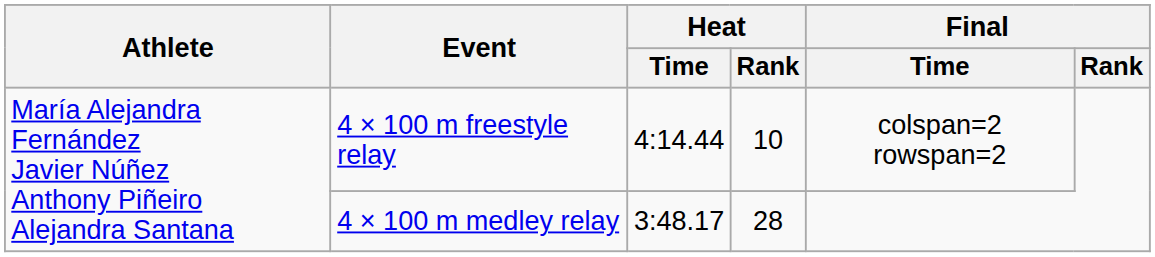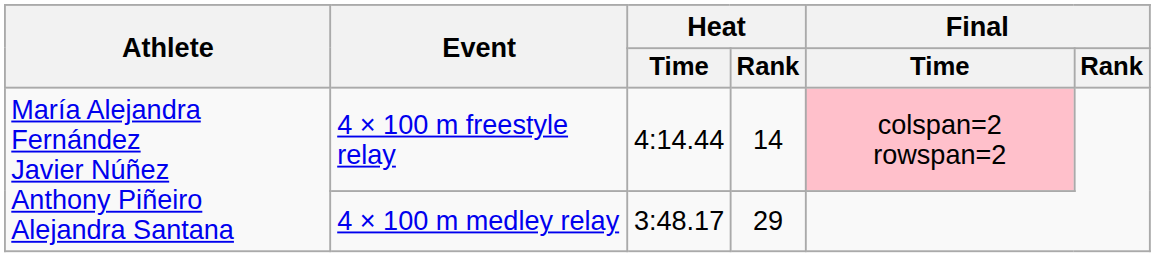 <table class="wikitable" style="text-align:center; font-size:90%">
 <tr>
 <th rowspan="2">Athlete</th>
 <th rowspan="2">Event</th>
 <th colspan="2">Heat</th>
 <th colspan="2">Final</th>
 </tr>
 <tr style="font-size:95%">
 <th>Time</th>
 <th>Rank</th>
 <th>Time</th>
 <th>Rank</th>
 </tr>
 <tr>
 <td align=left rowspan=2><a href='#'>María Alejandra Fernández</a><br><a href='#'>Javier Núñez</a><br><a href='#'>Anthony Piñeiro</a><br><a href='#'>Alejandra Santana</a></td>
 <td align=left><a href='#'>4 × 100 m freestyle relay</a></td>
 <td>4:14.44</td>
-<td>10</td>
-<td>colspan=2 rowspan=2 </td>
+<td>14</td>
+<td style="background: pink;">colspan=2 rowspan=2 </td>
 </tr>
 <tr>
 <td align=left><a href='#'>4 × 100 m medley relay</a></td>
 <td>3:48.17</td>
-<td>28</td>
+<td>29</td>
 </tr>
 </table>
